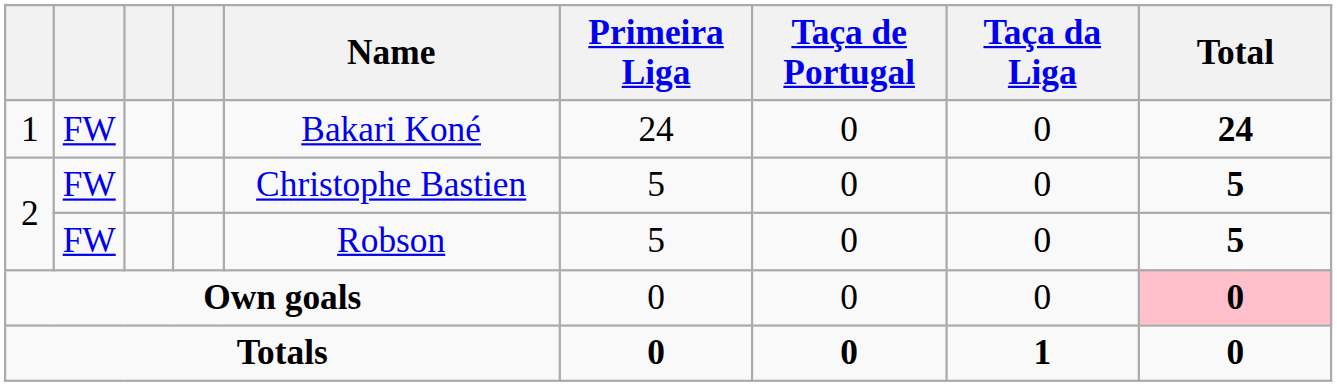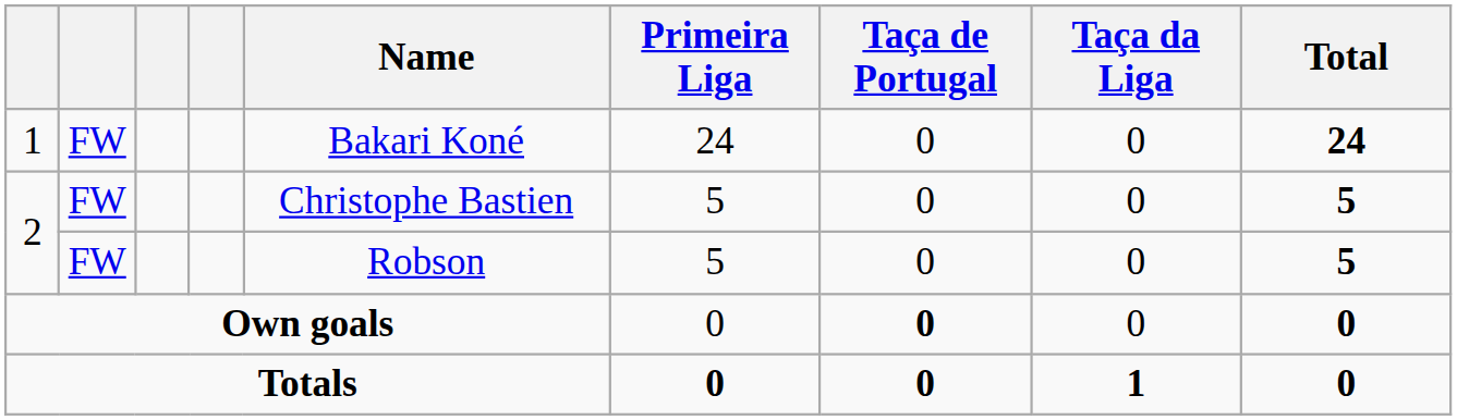 <table class="wikitable" style="text-align:center">
 <tr>
 <th width=15></th>
 <th width=15></th>
 <th width=15></th>
 <th width=15></th>
 <th width=145>Name</th>
 <th width=80><strong><a href='#'>Primeira Liga</a></strong></th>
 <th width=80><strong><a href='#'>Taça de Portugal</a></strong></th>
 <th width=80><strong><a href='#'>Taça da Liga</a></strong></th>
 <th width=80>Total</th>
 </tr>
 <tr>
 <td rowspan=1>1</td>
 <td align=center><a href='#'>FW</a></td>
 <td align=center></td>
 <td></td>
 <td><a href='#'>Bakari Koné</a></td>
 <td>24</td>
 <td>0</td>
 <td>0</td>
 <td><strong>24</strong></td>
 </tr>
 <tr>
 <td rowspan=2>2</td>
 <td align=center><a href='#'>FW</a></td>
 <td align=center></td>
 <td></td>
 <td><a href='#'>Christophe Bastien</a></td>
 <td>5</td>
 <td>0</td>
 <td>0</td>
 <td><strong>5</strong></td>
 </tr>
 <tr>
 <td align=center><a href='#'>FW</a></td>
 <td align=center></td>
 <td></td>
 <td><a href='#'>Robson</a></td>
 <td>5</td>
 <td>0</td>
 <td>0</td>
 <td><strong>5</strong></td>
 </tr>
 <tr>
 <td colspan=5><strong>Own goals</strong></td>
 <td>0</td>
+<td><strong>0</strong></td>
 <td>0</td>
-<td>0</td>
-<td style="background: pink;"><strong>0</strong></td>
+<td><strong>0</strong></td>
 </tr>
 <tr>
 <td colspan=5><strong>Totals</strong></td>
 <td><strong>0</strong></td>
 <td><strong>0</strong></td>
 <td><strong>1</strong></td>
 <td><strong>0</strong></td>
 </tr>
 </table>
